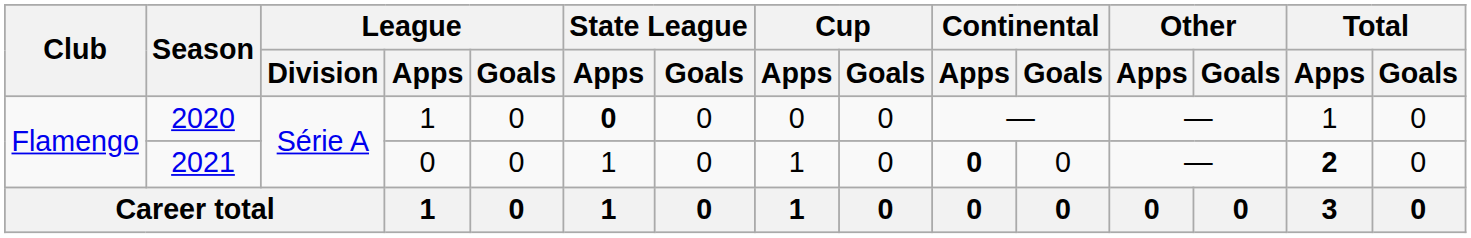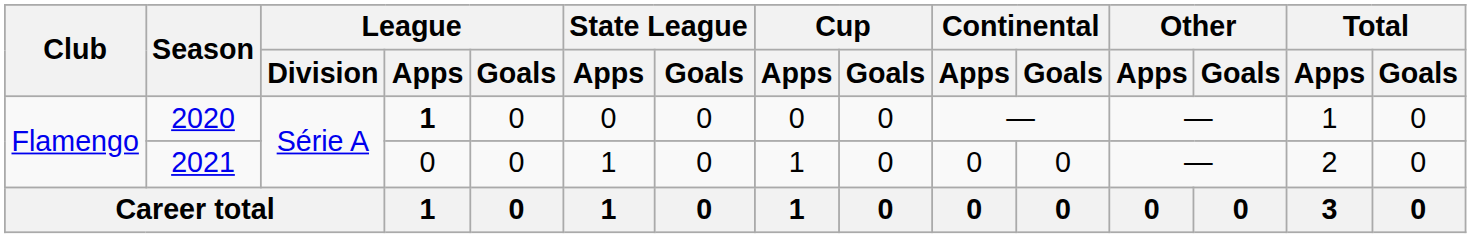 <table class=wikitable style=text-align:center>
 <tr>
 <th rowspan=2>Club</th>
 <th rowspan=2>Season</th>
 <th colspan=3>League</th>
 <th colspan=2>State League</th>
 <th colspan=2>Cup</th>
 <th colspan=2>Continental</th>
 <th colspan=2>Other</th>
 <th colspan=2>Total</th>
 </tr>
 <tr>
 <th>Division</th>
 <th>Apps</th>
 <th>Goals</th>
 <th>Apps</th>
 <th>Goals</th>
 <th>Apps</th>
 <th>Goals</th>
 <th>Apps</th>
 <th>Goals</th>
 <th>Apps</th>
 <th>Goals</th>
 <th>Apps</th>
 <th>Goals</th>
 </tr>
 <tr>
 <td rowspan=2><a href='#'>Flamengo</a></td>
 <td><a href='#'>2020</a></td>
 <td rowspan=2><a href='#'>Série A</a></td>
-<td>1</td>
+<td><strong>1</strong></td>
 <td>0</td>
-<td><strong>0</strong></td>
+<td>0</td>
 <td>0</td>
 <td>0</td>
 <td>0</td>
 <td colspan="2">—</td>
 <td colspan="2">—</td>
 <td>1</td>
 <td>0</td>
 </tr>
 <tr>
 <td><a href='#'>2021</a></td>
 <td>0</td>
 <td>0</td>
 <td>1</td>
 <td>0</td>
 <td>1</td>
 <td>0</td>
-<td><strong>0</strong></td>
+<td>0</td>
 <td>0</td>
 <td colspan="2">—</td>
-<td><strong>2</strong></td>
+<td>2</td>
 <td>0</td>
 </tr>
 <tr>
 <th colspan=3>Career total</th>
 <th>1</th>
 <th>0</th>
 <th>1</th>
 <th>0</th>
 <th>1</th>
 <th>0</th>
 <th>0</th>
 <th>0</th>
 <th>0</th>
 <th>0</th>
 <th>3</th>
 <th>0</th>
 </tr>
 </table>
